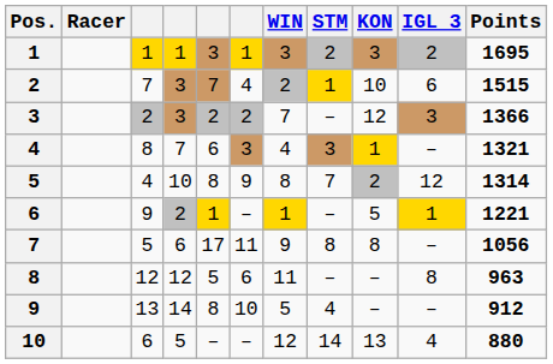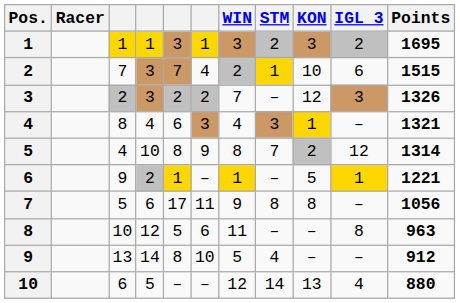 <table class="wikitable sortable plainrowheaders" style="text-align:center;">
 <tr>
 <th scope="col">Pos.</th>
 <th scope="col">Racer</th>
 <th scope="col"><strong> </strong></th>
 <th scope="col"><strong> </strong></th>
 <th scope="col"><strong> </strong></th>
 <th scope="col"><strong> </strong></th>
 <th scope="col"><strong> <a href='#'>WIN</a></strong></th>
 <th scope="col"><strong> <a href='#'>STM</a></strong></th>
 <th scope="col"><strong> <a href='#'>KON</a></strong></th>
 <th scope="col"><strong> <a href='#'>IGL  3</a></strong></th>
 <th style="width:45px;">Points</th>
 </tr>
 <tr>
 <th style="text-align:center;">1</th>
 <td align="left"></td>
 <td style="background:gold;">1</td>
 <td style="background:gold;">1</td>
 <td style="background:#c96;">3</td>
 <td style="background:gold;">1</td>
 <td style="background:#c96;">3</td>
 <td style="background:silver;">2</td>
 <td style="background:#c96;">3</td>
 <td style="background:silver;">2</td>
 <td><strong>1695</strong></td>
 </tr>
 <tr>
 <th style="text-align:center;">2</th>
 <td align="left"></td>
 <td>7</td>
 <td style="background:#c96;">3</td>
 <td style="background:#c96;">7</td>
 <td>4</td>
 <td style="background:silver;">2</td>
 <td style="background:gold;">1</td>
 <td>10</td>
 <td>6</td>
 <td><strong>1515</strong></td>
 </tr>
 <tr>
 <th style="text-align:center;">3</th>
 <td align="left"></td>
 <td style="background:silver;">2</td>
 <td style="background:#c96;">3</td>
 <td style="background:silver;">2</td>
 <td style="background:silver;">2</td>
 <td>7</td>
 <td>–</td>
 <td>12</td>
 <td style="background:#c96;">3</td>
-<td><strong>1366</strong></td>
+<td><strong>1326</strong></td>
 </tr>
 <tr>
 <th style="text-align:center;">4</th>
 <td align="left"></td>
 <td>8</td>
-<td>7</td>
+<td>4</td>
 <td>6</td>
 <td style="background:#c96;">3</td>
 <td>4</td>
 <td style="background:#c96;">3</td>
 <td style="background:gold;">1</td>
 <td>–</td>
 <td><strong>1321</strong></td>
 </tr>
 <tr>
 <th style="text-align:center;">5</th>
 <td align="left"></td>
 <td>4</td>
 <td>10</td>
 <td>8</td>
 <td>9</td>
 <td>8</td>
 <td>7</td>
 <td style="background:silver;">2</td>
 <td>12</td>
 <td><strong>1314</strong></td>
 </tr>
 <tr>
 <th style="text-align:center;">6</th>
 <td align="left"></td>
 <td>9</td>
 <td style="background:silver;">2</td>
 <td style="background:gold;">1</td>
 <td>–</td>
 <td style="background:gold;">1</td>
 <td>–</td>
 <td>5</td>
 <td style="background:gold;">1</td>
 <td><strong>1221</strong></td>
 </tr>
 <tr>
 <th style="text-align:center;">7</th>
 <td align="left"></td>
 <td>5</td>
 <td>6</td>
 <td>17</td>
 <td>11</td>
 <td>9</td>
 <td>8</td>
 <td>8</td>
 <td>–</td>
 <td><strong>1056</strong></td>
 </tr>
 <tr>
 <th style="text-align:center;">8</th>
 <td align="left"></td>
-<td>12</td>
+<td>10</td>
 <td>12</td>
 <td>5</td>
 <td>6</td>
 <td>11</td>
 <td>–</td>
 <td>–</td>
 <td>8</td>
 <td><strong>963</strong></td>
 </tr>
 <tr>
 <th style="text-align:center;">9</th>
 <td align="left"></td>
 <td>13</td>
 <td>14</td>
 <td>8</td>
 <td>10</td>
 <td>5</td>
 <td>4</td>
 <td>–</td>
 <td>–</td>
 <td><strong>912</strong></td>
 </tr>
 <tr>
 <th style="text-align:center;">10</th>
 <td align="left"></td>
 <td>6</td>
 <td>5</td>
 <td>–</td>
 <td>–</td>
 <td>12</td>
 <td>14</td>
 <td>13</td>
 <td>4</td>
 <td><strong>880</strong></td>
 </tr>
 </table>
